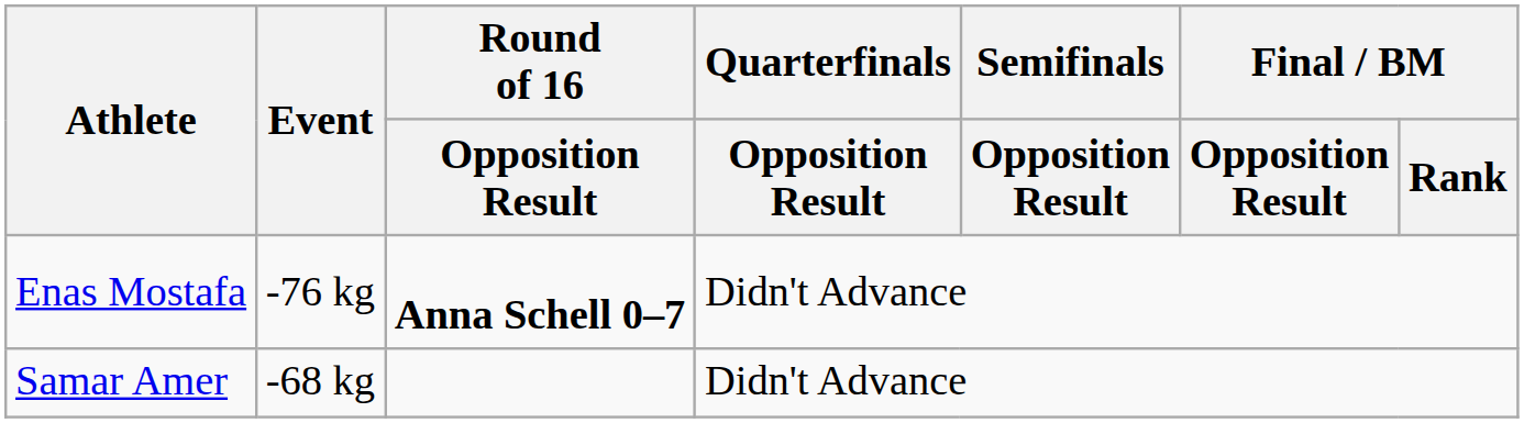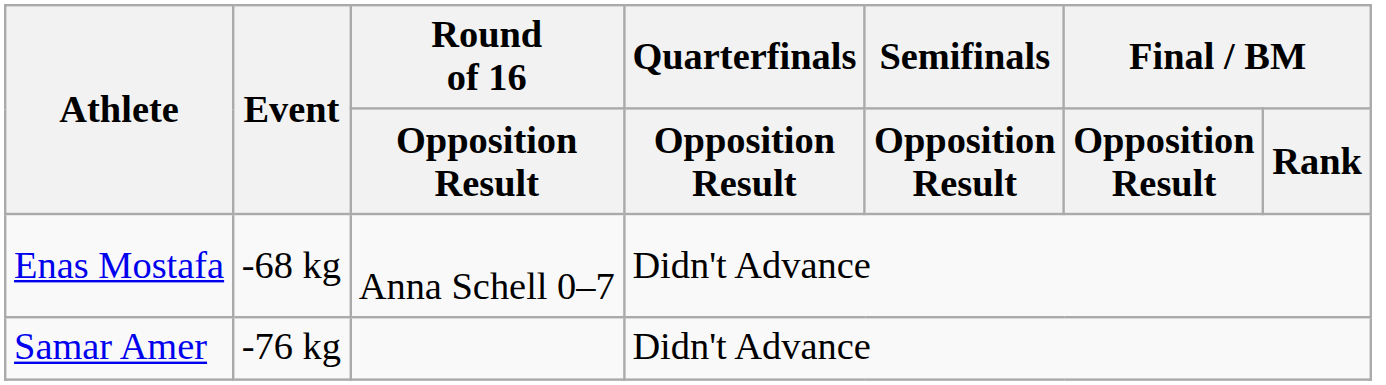 <table class="wikitable">
 <tr>
 <th rowspan="2">Athlete</th>
 <th rowspan="2">Event</th>
 <th>Round<br>of 16</th>
 <th>Quarterfinals</th>
 <th>Semifinals</th>
 <th colspan="2">Final / <abbr>BM</abbr></th>
 </tr>
 <tr>
 <th>Opposition<br>Result</th>
 <th>Opposition<br>Result</th>
 <th>Opposition<br>Result</th>
 <th>Opposition<br>Result</th>
 <th>Rank</th>
 </tr>
 <tr>
 <td><a href='#'>Enas Mostafa</a></td>
-<td>-76 kg</td>
-<td><strong><br>Anna Schell 0–7</strong></td>
+<td>-68 kg</td>
+<td><br>Anna Schell 0–7</td>
 <td colspan="4">Didn't Advance</td>
 </tr>
 <tr>
 <td><a href='#'>Samar Amer</a></td>
-<td>-68 kg</td>
+<td>-76 kg</td>
 <td></td>
 <td colspan="4">Didn't Advance</td>
 </tr>
 </table>
